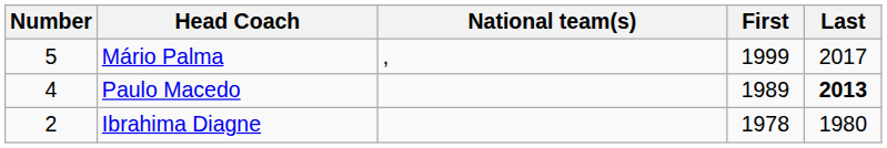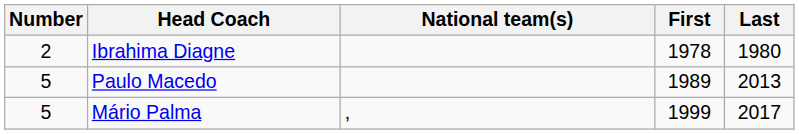 <table class="wikitable">
 <tr>
 <th>Number</th>
 <th style="width:200px">Head Coach</th>
 <th style="width:250px">National team(s)</th>
 <th style="width:50px">First</th>
 <th style="width:50px">Last</th>
 </tr>
 <tr>
+<td style="text-align:center;">2</td>
+<td> <a href='#'>Ibrahima Diagne</a></td>
+<td></td>
+<td style="text-align:center;">1978</td>
+<td style="text-align:center;">1980</td>
+</tr>
+<tr>
+<td style="text-align:center;">5</td>
+<td> <a href='#'>Paulo Macedo</a></td>
+<td></td>
+<td style="text-align:center;">1989</td>
+<td style="text-align:center;">2013</td>
+</tr>
+<tr>
 <td style="text-align:center;">5</td>
 <td> <a href='#'>Mário Palma</a></td>
 <td>, </td>
 <td style="text-align:center;">1999</td>
 <td style="text-align:center;">2017</td>
 </tr>
-<tr>
-<td style="text-align:center;">4</td>
-<td> <a href='#'>Paulo Macedo</a></td>
-<td></td>
-<td style="text-align:center;">1989</td>
-<td style="text-align:center;"><strong>2013</strong></td>
-</tr>
-<tr>
-<td style="text-align:center;">2</td>
-<td> <a href='#'>Ibrahima Diagne</a></td>
-<td></td>
-<td style="text-align:center;">1978</td>
-<td style="text-align:center;">1980</td>
-</tr>
 </table>
